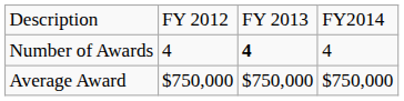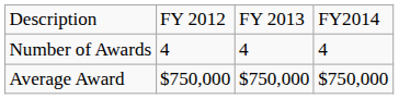 <table class="wikitable">
 <tr>
 <td>Description</td>
 <td>FY 2012</td>
 <td>FY 2013</td>
 <td>FY2014</td>
 </tr>
 <tr>
 <td>Number of Awards</td>
 <td>4</td>
-<td><strong>4</strong></td>
+<td>4</td>
 <td>4</td>
 </tr>
 <tr>
 <td>Average Award</td>
 <td>$750,000</td>
 <td>$750,000</td>
 <td>$750,000</td>
 </tr>
 </table>
